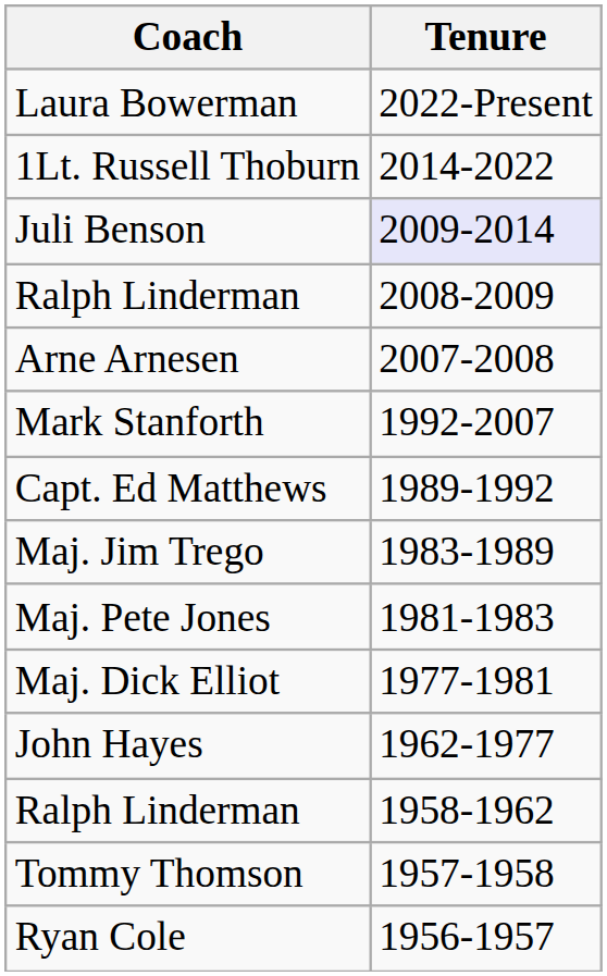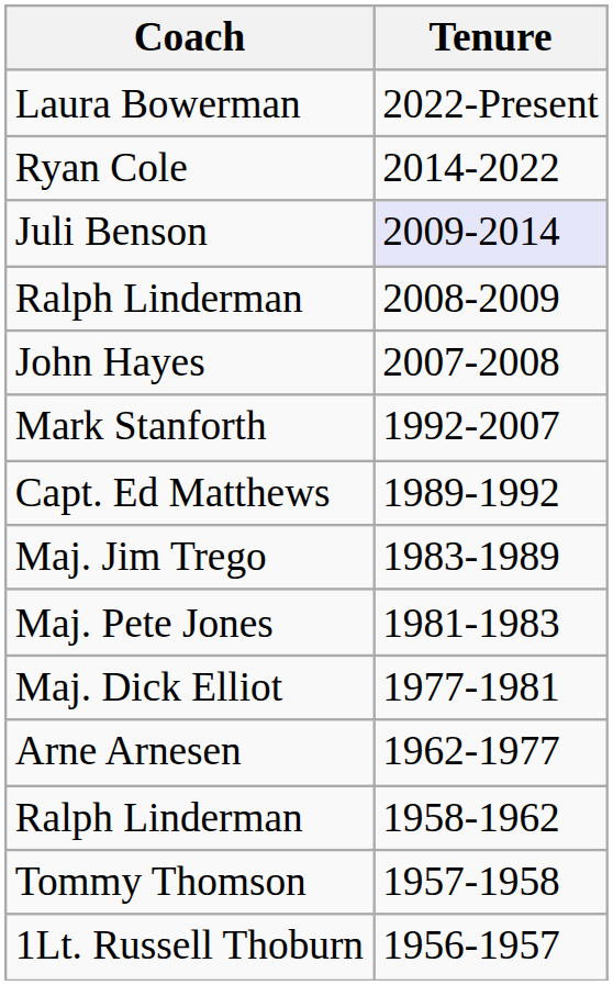 <table class="wikitable">
 <tr>
 <th>Coach</th>
 <th>Tenure</th>
 </tr>
 <tr>
 <td>Laura Bowerman</td>
 <td>2022-Present</td>
 </tr>
 <tr>
-<td>1Lt. Russell Thoburn</td>
+<td>Ryan Cole</td>
 <td>2014-2022</td>
 </tr>
 <tr>
 <td>Juli Benson</td>
 <td style="background: lavender;">2009-2014</td>
 </tr>
 <tr>
 <td>Ralph Linderman</td>
 <td>2008-2009</td>
 </tr>
 <tr>
-<td>Arne Arnesen</td>
+<td>John Hayes</td>
 <td>2007-2008</td>
 </tr>
 <tr>
 <td>Mark Stanforth</td>
 <td>1992-2007</td>
 </tr>
 <tr>
 <td>Capt. Ed Matthews</td>
 <td>1989-1992</td>
 </tr>
 <tr>
 <td>Maj. Jim Trego</td>
 <td>1983-1989</td>
 </tr>
 <tr>
 <td>Maj. Pete Jones</td>
 <td>1981-1983</td>
 </tr>
 <tr>
 <td>Maj. Dick Elliot</td>
 <td>1977-1981</td>
 </tr>
 <tr>
-<td>John Hayes</td>
+<td>Arne Arnesen</td>
 <td>1962-1977</td>
 </tr>
 <tr>
 <td>Ralph Linderman</td>
 <td>1958-1962</td>
 </tr>
 <tr>
 <td>Tommy Thomson</td>
 <td>1957-1958</td>
 </tr>
 <tr>
-<td>Ryan Cole</td>
+<td>1Lt. Russell Thoburn</td>
 <td>1956-1957</td>
 </tr>
 </table>
